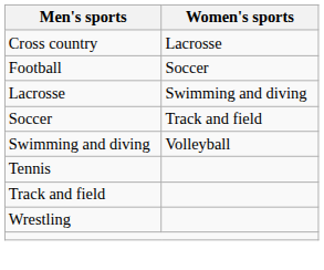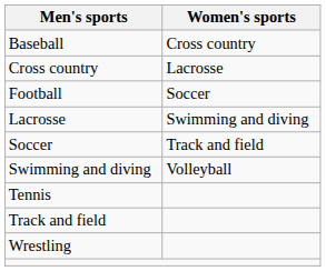 <table class="wikitable"; style= "text-align: ">
 <tr>
 <th width=150px>Men's sports</th>
 <th width=150px>Women's sports</th>
+</tr>
+<tr>
+<td>Baseball</td>
+<td>Cross country</td>
 </tr>
 <tr>
 <td>Cross country</td>
 <td>Lacrosse</td>
 </tr>
 <tr>
 <td>Football</td>
 <td>Soccer</td>
 </tr>
 <tr>
 <td>Lacrosse</td>
 <td>Swimming and diving</td>
 </tr>
 <tr>
 <td>Soccer</td>
 <td>Track and field</td>
 </tr>
 <tr>
 <td>Swimming and diving</td>
 <td>Volleyball</td>
 </tr>
 <tr>
 <td>Tennis</td>
 <td></td>
 </tr>
 <tr>
 <td>Track and field</td>
 <td></td>
 </tr>
 <tr>
 <td>Wrestling</td>
 <td></td>
 </tr>
 <tr>
 <td colspan="2"></td>
 </tr>
 </table>
